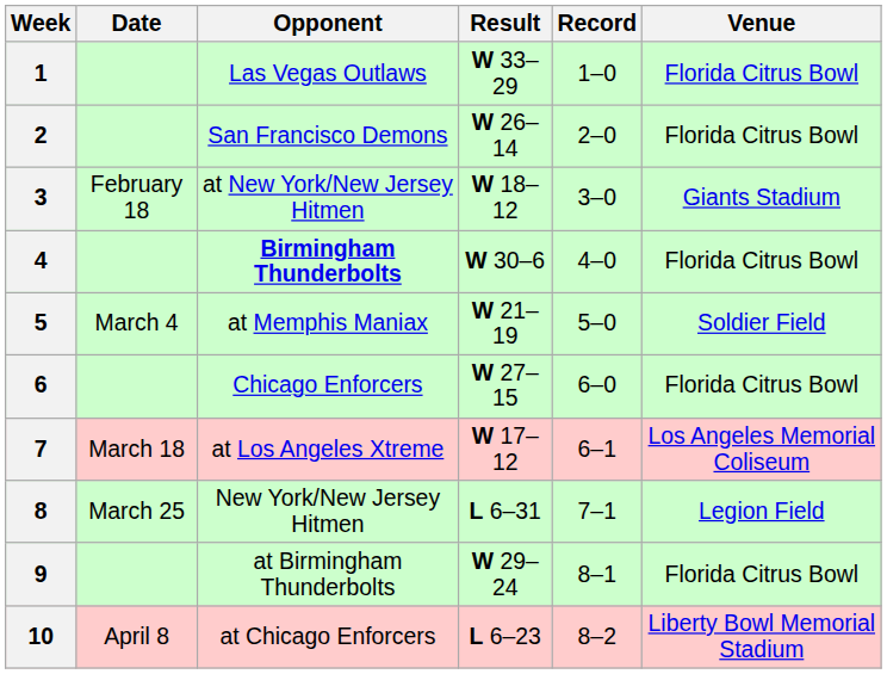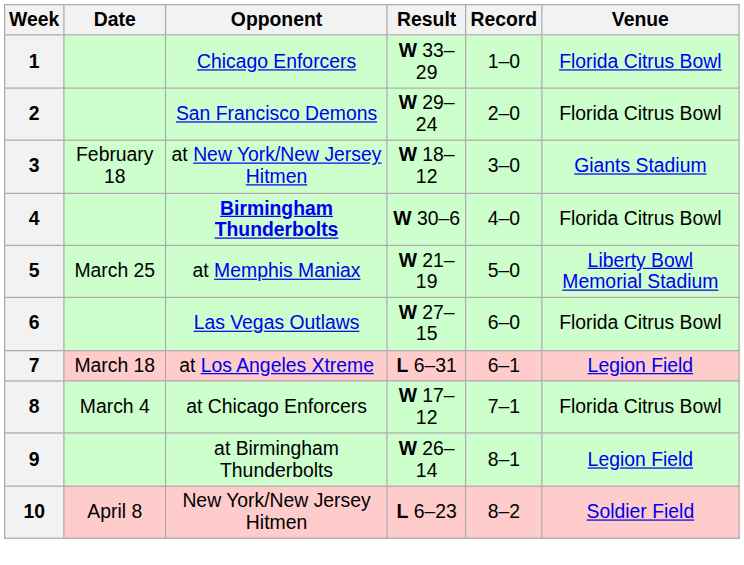 <table class="wikitable" style="text-align:center">
 <tr>
 <th>Week</th>
 <th>Date</th>
 <th>Opponent</th>
 <th>Result</th>
 <th>Record</th>
 <th>Venue</th>
 </tr>
 <tr style="background:#cfc">
 <th>1</th>
 <td></td>
-<td><a href='#'>Las Vegas Outlaws</a></td>
+<td><a href='#'>Chicago Enforcers</a></td>
 <td><strong>W</strong> 33–29</td>
 <td>1–0</td>
 <td><a href='#'>Florida Citrus Bowl</a></td>
 </tr>
 <tr style="background:#cfc">
 <th>2</th>
 <td></td>
 <td><a href='#'>San Francisco Demons</a></td>
-<td><strong>W</strong> 26–14</td>
+<td><strong>W</strong> 29–24</td>
 <td>2–0</td>
 <td>Florida Citrus Bowl</td>
 </tr>
 <tr style="background:#cfc">
 <th>3</th>
 <td>February 18</td>
 <td>at <a href='#'>New York/New Jersey Hitmen</a></td>
 <td><strong>W</strong> 18–12</td>
 <td>3–0</td>
 <td><a href='#'>Giants Stadium</a></td>
 </tr>
 <tr style="background:#cfc">
 <th>4</th>
 <td></td>
 <td><strong><a href='#'>Birmingham Thunderbolts</a></strong></td>
 <td><strong>W</strong> 30–6</td>
 <td>4–0</td>
 <td>Florida Citrus Bowl</td>
 </tr>
 <tr style="background:#cfc">
 <th>5</th>
-<td>March 4</td>
+<td>March 25</td>
 <td>at <a href='#'>Memphis Maniax</a></td>
 <td><strong>W</strong> 21–19</td>
 <td>5–0</td>
-<td><a href='#'>Soldier Field</a></td>
+<td><a href='#'>Liberty Bowl Memorial Stadium</a></td>
 </tr>
 <tr style="background:#cfc">
 <th>6</th>
 <td></td>
-<td><a href='#'>Chicago Enforcers</a></td>
+<td><a href='#'>Las Vegas Outlaws</a></td>
 <td><strong>W</strong> 27–15</td>
 <td>6–0</td>
 <td>Florida Citrus Bowl</td>
 </tr>
 <tr style="background:#fcc">
 <th>7</th>
 <td>March 18</td>
 <td>at <a href='#'>Los Angeles Xtreme</a></td>
-<td><strong>W</strong> 17–12</td>
+<td><strong>L</strong> 6–31</td>
 <td>6–1</td>
-<td><a href='#'>Los Angeles Memorial Coliseum</a></td>
+<td><a href='#'>Legion Field</a></td>
 </tr>
 <tr style="background:#cfc">
 <th>8</th>
-<td>March 25</td>
-<td>New York/New Jersey Hitmen</td>
-<td><strong>L</strong> 6–31</td>
+<td>March 4</td>
+<td>at Chicago Enforcers</td>
+<td><strong>W</strong> 17–12</td>
 <td>7–1</td>
-<td><a href='#'>Legion Field</a></td>
+<td>Florida Citrus Bowl</td>
 </tr>
 <tr style="background:#cfc">
 <th>9</th>
 <td></td>
 <td>at Birmingham Thunderbolts</td>
-<td><strong>W</strong> 29–24</td>
+<td><strong>W</strong> 26–14</td>
 <td>8–1</td>
-<td>Florida Citrus Bowl</td>
+<td><a href='#'>Legion Field</a></td>
 </tr>
 <tr style="background:#fcc">
 <th>10</th>
 <td>April 8</td>
-<td>at Chicago Enforcers</td>
+<td>New York/New Jersey Hitmen</td>
 <td><strong>L</strong> 6–23</td>
 <td>8–2</td>
-<td><a href='#'>Liberty Bowl Memorial Stadium</a></td>
+<td><a href='#'>Soldier Field</a></td>
 </tr>
 </table>
